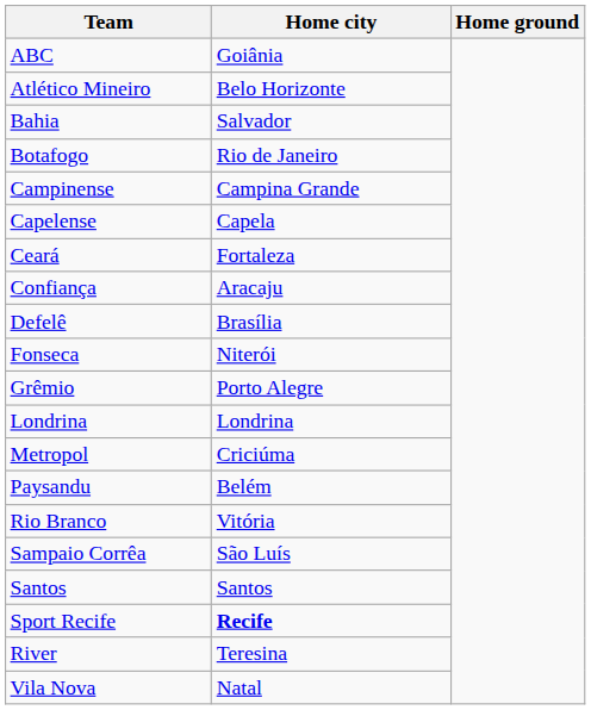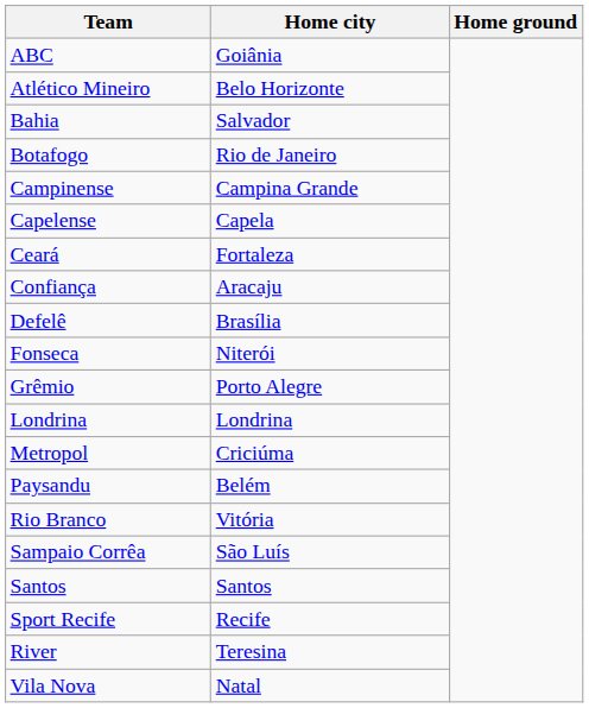 <table class="wikitable sortable">
 <tr>
 <th Width="150">Team</th>
 <th Width="175">Home city</th>
 <th>Home ground</th>
 </tr>
 <tr>
 <td> <a href='#'>ABC</a></td>
 <td><a href='#'>Goiânia</a></td>
 </tr>
 <tr>
 <td> <a href='#'>Atlético Mineiro</a></td>
 <td><a href='#'>Belo Horizonte</a></td>
 </tr>
 <tr>
 <td> <a href='#'>Bahia</a></td>
 <td><a href='#'>Salvador</a></td>
 </tr>
 <tr>
 <td> <a href='#'>Botafogo</a></td>
 <td><a href='#'>Rio de Janeiro</a></td>
 </tr>
 <tr>
 <td> <a href='#'>Campinense</a></td>
 <td><a href='#'>Campina Grande</a></td>
 </tr>
 <tr>
 <td> <a href='#'>Capelense</a></td>
 <td><a href='#'>Capela</a></td>
 </tr>
 <tr>
 <td> <a href='#'>Ceará</a></td>
 <td><a href='#'>Fortaleza</a></td>
 </tr>
 <tr>
 <td> <a href='#'>Confiança</a></td>
 <td><a href='#'>Aracaju</a></td>
 </tr>
 <tr>
 <td> <a href='#'>Defelê</a></td>
 <td><a href='#'>Brasília</a></td>
 </tr>
 <tr>
 <td> <a href='#'>Fonseca</a></td>
 <td><a href='#'>Niterói</a></td>
 </tr>
 <tr>
 <td> <a href='#'>Grêmio</a></td>
 <td><a href='#'>Porto Alegre</a></td>
 </tr>
 <tr>
 <td> <a href='#'>Londrina</a></td>
 <td><a href='#'>Londrina</a></td>
 </tr>
 <tr>
 <td> <a href='#'>Metropol</a></td>
 <td><a href='#'>Criciúma</a></td>
 </tr>
 <tr>
 <td> <a href='#'>Paysandu</a></td>
 <td><a href='#'>Belém</a></td>
 </tr>
 <tr>
 <td>  <a href='#'>Rio Branco</a></td>
 <td><a href='#'>Vitória</a></td>
 </tr>
 <tr>
 <td> <a href='#'>Sampaio Corrêa</a></td>
 <td><a href='#'>São Luís</a></td>
 </tr>
 <tr>
 <td> <a href='#'>Santos</a></td>
 <td><a href='#'>Santos</a></td>
 </tr>
 <tr>
 <td> <a href='#'>Sport Recife</a></td>
-<td><strong><a href='#'>Recife</a></strong></td>
+<td><a href='#'>Recife</a></td>
 </tr>
 <tr>
 <td> <a href='#'>River</a></td>
 <td><a href='#'>Teresina</a></td>
 </tr>
 <tr>
 <td> <a href='#'>Vila Nova</a></td>
 <td><a href='#'>Natal</a></td>
 </tr>
 </table>
